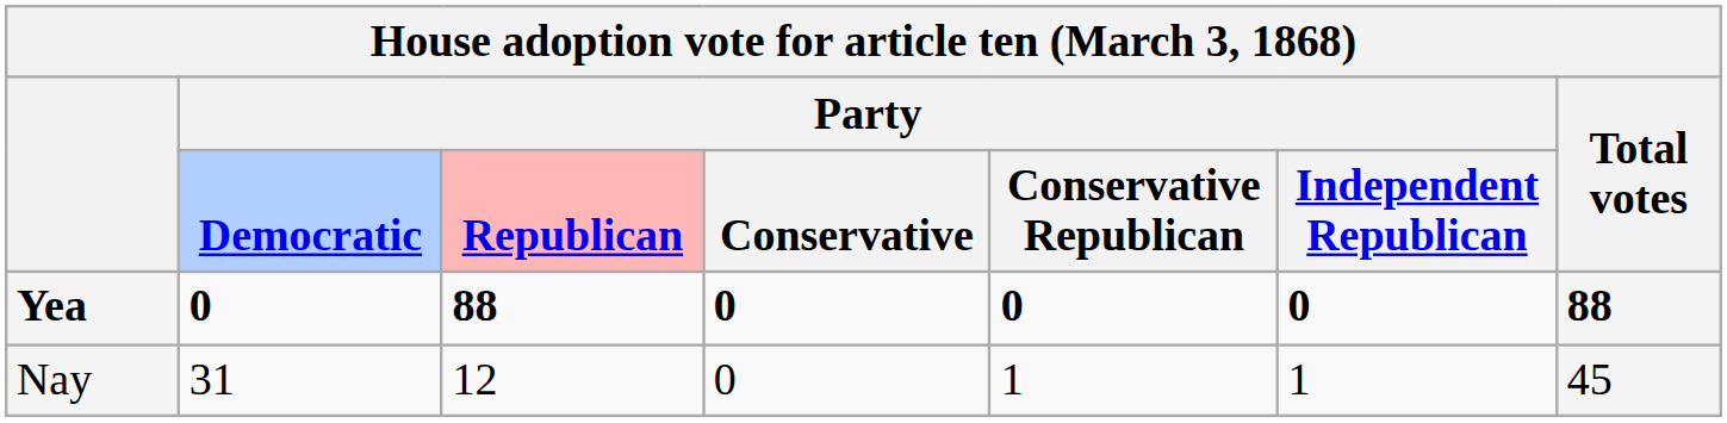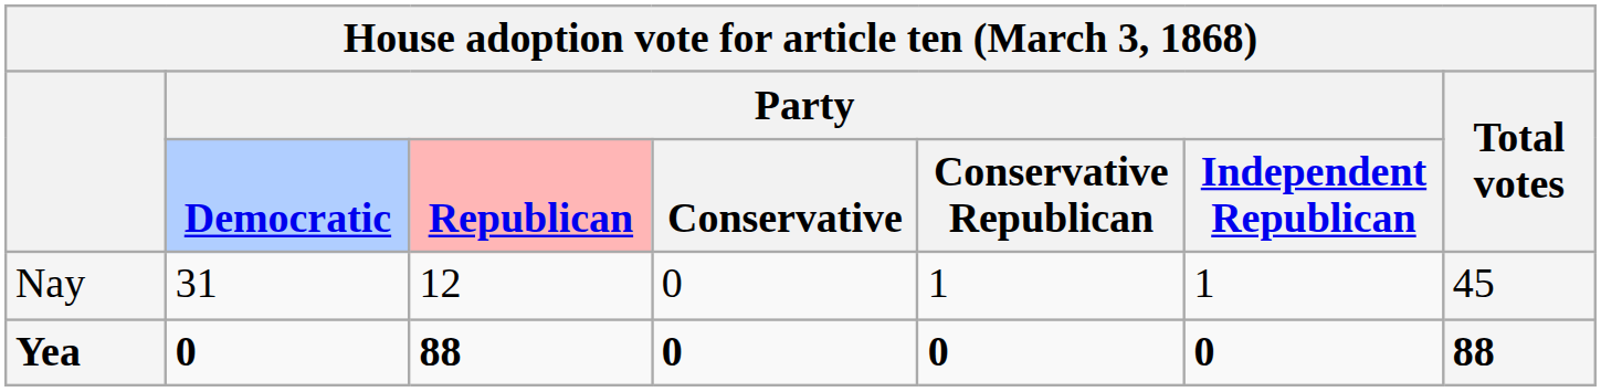 <table class="wikitable">
 <tr>
 <th colspan=7>House adoption vote for article ten (March 3, 1868)</th>
 </tr>
 <tr>
 <th rowspan=2></th>
 <th colspan=5>Party</th>
 <th rowspan=2>Total votes</th>
 </tr>
 <tr style="vertical-align:bottom;">
 <th style="background:#b0ceff;"><a href='#'>Democratic</a></th>
 <th style="background:#ffb6b6;"><a href='#'>Republican</a></th>
 <th>Conservative</th>
 <th>Conservative Republican</th>
 <th><a href='#'>Independent Republican</a></th>
 </tr>
 <tr>
+<td style="background:#F5F5F5">Nay</td>
+<td>31</td>
+<td>12</td>
+<td>0</td>
+<td>1</td>
+<td>1</td>
+<td style="background:#F5F5F5">45</td>
+</tr>
+<tr>
 <td style="width: 10em; background:#F5F5F5"><strong>Yea</strong></td>
 <td style="width: 7em;"><strong>0</strong></td>
 <td style="width: 7em;"><strong>88</strong></td>
 <td style="width: 7em;"><strong>0</strong></td>
 <td style="width: 7em;"><strong>0</strong></td>
 <td style="width: 7em;"><strong>0</strong></td>
 <td style="width: 7em; background:#F5F5F5"><strong>88</strong></td>
 </tr>
-<tr>
-<td style="background:#F5F5F5">Nay</td>
-<td>31</td>
-<td>12</td>
-<td>0</td>
-<td>1</td>
-<td>1</td>
-<td style="background:#F5F5F5">45</td>
-</tr>
 </table>
